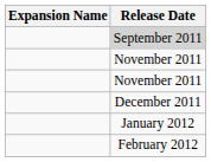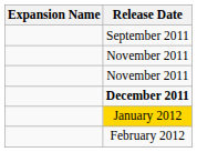 <table class="wikitable" style="text-align:center">
 <tr>
 <th>Expansion Name</th>
 <th>Release Date</th>
 </tr>
 <tr>
 <td></td>
-<td style="background: lightgrey;">September 2011</td>
+<td>September 2011</td>
 </tr>
 <tr>
 <td></td>
 <td>November 2011</td>
 </tr>
 <tr>
 <td></td>
 <td>November 2011</td>
 </tr>
 <tr>
 <td></td>
-<td>December 2011</td>
+<td><strong>December 2011</strong></td>
 </tr>
 <tr>
 <td></td>
-<td>January 2012</td>
+<td style="background: gold;">January 2012</td>
 </tr>
 <tr>
 <td></td>
 <td>February 2012</td>
 </tr>
 </table>
